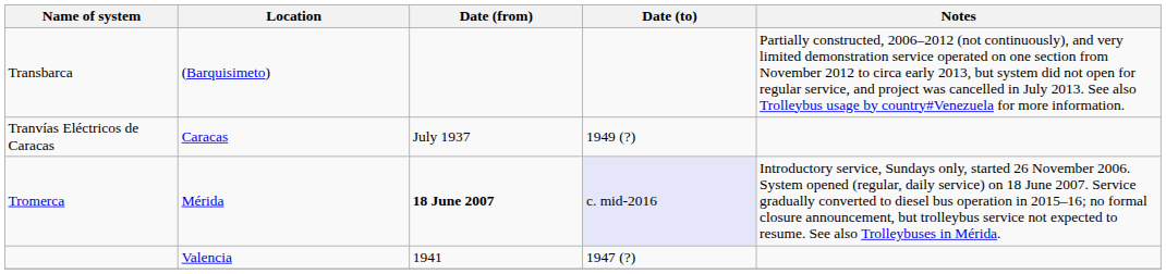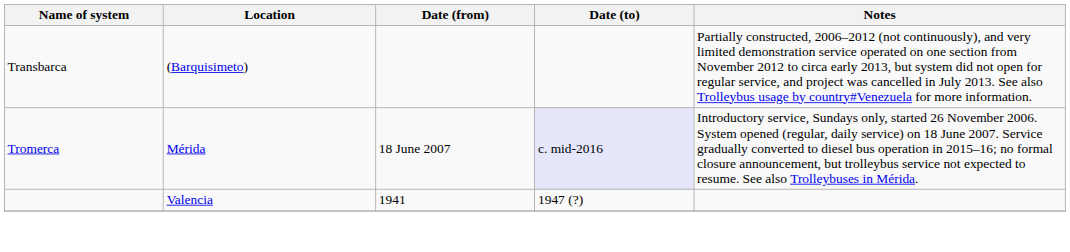 <table class="wikitable" width=100%>
 <tr>
 <th width=15%>Name of system</th>
 <th width=20%>Location</th>
 <th width=15%>Date (from)</th>
 <th width=15%>Date (to)</th>
 <th width=35%>Notes</th>
 </tr>
 <tr>
 <td>Transbarca</td>
 <td>(<a href='#'>Barquisimeto</a>)</td>
 <td> </td>
 <td> </td>
 <td>Partially constructed, 2006–2012 (not continuous­ly), and very limited demonstration service operated on one section from November 2012 to circa early 2013, but system did not open for regular service, and project was cancelled in July 2013. See also <a href='#'>Trolleybus usage by country#Venezuela</a> for more information.</td>
 </tr>
 <tr>
-<td>Tranvías Eléctricos de Caracas</td>
-<td><a href='#'>Caracas</a></td>
-<td>July 1937</td>
-<td>1949 (?)</td>
-<td> </td>
-</tr>
-<tr>
 <td><a href='#'>Tromerca</a></td>
 <td><a href='#'>Mérida</a></td>
-<td><strong>18 June 2007</strong></td>
+<td>18 June 2007</td>
 <td style="background: lavender;">c. mid-2016</td>
 <td>Introductory service, Sundays only, started 26 November 2006. System opened (regular, daily service) on 18 June 2007. Service gradually converted to diesel bus operation in 2015–16; no formal closure announcement, but trolleybus service not expected to resume. See also <a href='#'>Trolleybuses in Mérida</a>.</td>
 </tr>
 <tr>
 <td> </td>
 <td><a href='#'>Valencia</a></td>
 <td>1941</td>
 <td>1947 (?)</td>
 <td> </td>
 </tr>
 <tr>
 </tr>
 </table>
